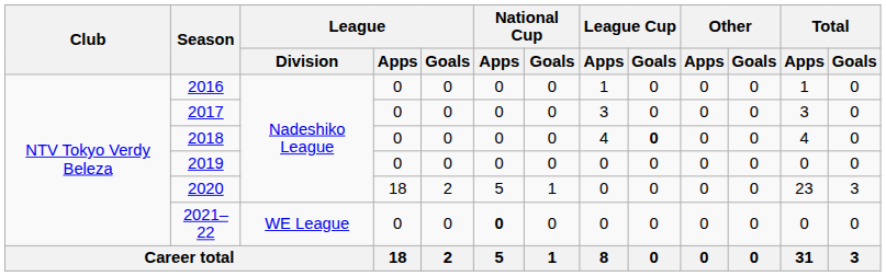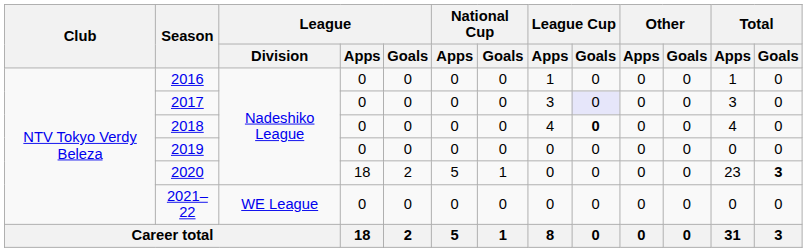 <table class="wikitable" style="text-align: center">
 <tr>
 <th rowspan="2">Club</th>
 <th rowspan="2">Season</th>
 <th colspan="3">League</th>
 <th colspan="2">National Cup</th>
 <th colspan="2">League Cup</th>
 <th colspan="2">Other</th>
 <th colspan="2">Total</th>
 </tr>
 <tr>
 <th>Division</th>
 <th>Apps</th>
 <th>Goals</th>
 <th>Apps</th>
 <th>Goals</th>
 <th>Apps</th>
 <th>Goals</th>
 <th>Apps</th>
 <th>Goals</th>
 <th>Apps</th>
 <th>Goals</th>
 </tr>
 <tr>
 <td rowspan="6"><a href='#'>NTV Tokyo Verdy Beleza</a></td>
 <td><a href='#'>2016</a></td>
 <td rowspan="5"><a href='#'>Nadeshiko League</a></td>
 <td>0</td>
 <td>0</td>
 <td>0</td>
 <td>0</td>
 <td>1</td>
 <td>0</td>
 <td>0</td>
 <td>0</td>
 <td>1</td>
 <td>0</td>
 </tr>
 <tr>
 <td><a href='#'>2017</a></td>
 <td>0</td>
 <td>0</td>
 <td>0</td>
 <td>0</td>
 <td>3</td>
-<td>0</td>
+<td style="background: lavender;">0</td>
 <td>0</td>
 <td>0</td>
 <td>3</td>
 <td>0</td>
 </tr>
 <tr>
 <td><a href='#'>2018</a></td>
 <td>0</td>
 <td>0</td>
 <td>0</td>
 <td>0</td>
 <td>4</td>
 <td><strong>0</strong></td>
 <td>0</td>
 <td>0</td>
 <td>4</td>
 <td>0</td>
 </tr>
 <tr>
 <td><a href='#'>2019</a></td>
 <td>0</td>
 <td>0</td>
 <td>0</td>
 <td>0</td>
 <td>0</td>
 <td>0</td>
 <td>0</td>
 <td>0</td>
 <td>0</td>
 <td>0</td>
 </tr>
 <tr>
 <td><a href='#'>2020</a></td>
 <td>18</td>
 <td>2</td>
 <td>5</td>
 <td>1</td>
 <td>0</td>
 <td>0</td>
 <td>0</td>
 <td>0</td>
 <td>23</td>
-<td>3</td>
+<td><strong>3</strong></td>
 </tr>
 <tr>
 <td><a href='#'>2021–22</a></td>
 <td><a href='#'>WE League</a></td>
 <td>0</td>
 <td>0</td>
-<td><strong>0</strong></td>
+<td>0</td>
 <td>0</td>
 <td>0</td>
 <td>0</td>
 <td>0</td>
 <td>0</td>
 <td>0</td>
 <td>0</td>
 </tr>
 <tr>
 <th colspan=3>Career total</th>
 <th>18</th>
 <th>2</th>
 <th>5</th>
 <th>1</th>
 <th>8</th>
 <th>0</th>
 <th>0</th>
 <th>0</th>
 <th>31</th>
 <th>3</th>
 </tr>
 </table>
